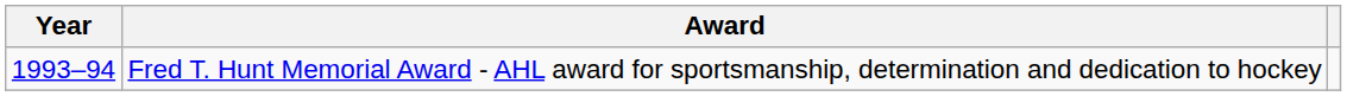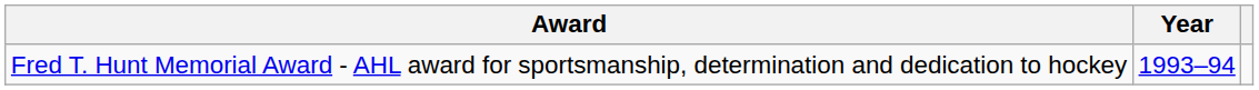 <table class="wikitable">
 <tr>
+<th>Award</th>
 <th>Year</th>
-<th>Award</th>
 <th></th>
 </tr>
 <tr>
+<td><a href='#'>Fred T. Hunt Memorial Award</a> - <a href='#'>AHL</a> award for sportsmanship, determination and dedication to hockey</td>
 <td><a href='#'>1993–94</a></td>
-<td><a href='#'>Fred T. Hunt Memorial Award</a> - <a href='#'>AHL</a> award for sportsmanship, determination and dedication to hockey</td>
 <td></td>
 </tr>
 </table>
